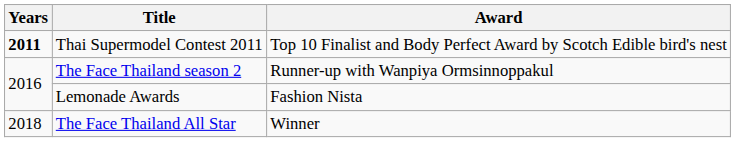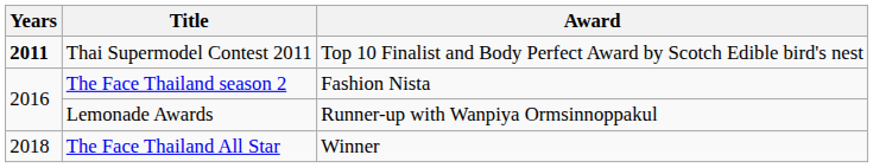 <table class="wikitable sortable">
 <tr>
 <th>Years</th>
 <th>Title</th>
 <th>Award</th>
 </tr>
 <tr>
 <td><strong>2011</strong></td>
 <td>Thai Supermodel Contest 2011</td>
 <td>Top 10 Finalist and Body Perfect Award by Scotch Edible bird's nest</td>
 </tr>
 <tr>
 <td rowspan=2>2016</td>
 <td><a href='#'>The Face Thailand season 2</a></td>
-<td>Runner-up with Wanpiya Ormsinnoppakul</td>
+<td>Fashion Nista</td>
 </tr>
 <tr>
 <td>Lemonade Awards</td>
-<td>Fashion Nista</td>
+<td>Runner-up with Wanpiya Ormsinnoppakul</td>
 </tr>
 <tr>
 <td>2018</td>
 <td><a href='#'>The Face Thailand All Star</a></td>
 <td>Winner</td>
 </tr>
 </table>
